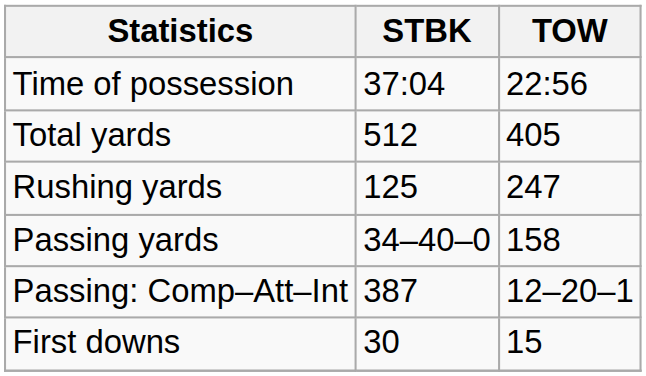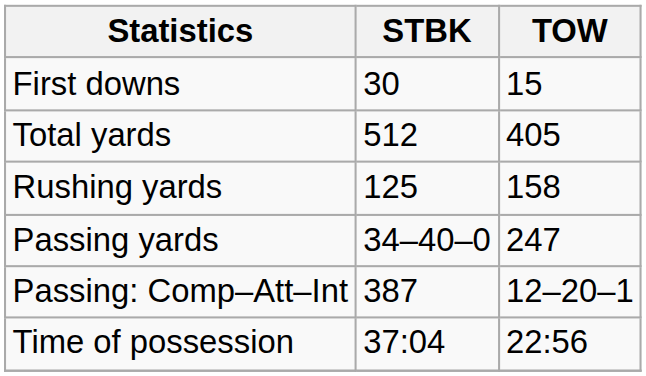 <table class="wikitable" style="float: left;">
 <tr>
 <th>Statistics</th>
 <th>STBK</th>
 <th>TOW</th>
 </tr>
 <tr>
-<td>Time of possession</td>
-<td>37:04</td>
-<td>22:56</td>
+<td>First downs</td>
+<td>30</td>
+<td>15</td>
 </tr>
 <tr>
 <td>Total yards</td>
 <td>512</td>
 <td>405</td>
 </tr>
 <tr>
 <td>Rushing yards</td>
 <td>125</td>
-<td>247</td>
+<td>158</td>
 </tr>
 <tr>
 <td>Passing yards</td>
 <td>34–40–0</td>
-<td>158</td>
+<td>247</td>
 </tr>
 <tr>
 <td>Passing: Comp–Att–Int</td>
 <td>387</td>
 <td>12–20–1</td>
 </tr>
 <tr>
-<td>First downs</td>
-<td>30</td>
-<td>15</td>
+<td>Time of possession</td>
+<td>37:04</td>
+<td>22:56</td>
 </tr>
 <tr>
 </tr>
 </table>
